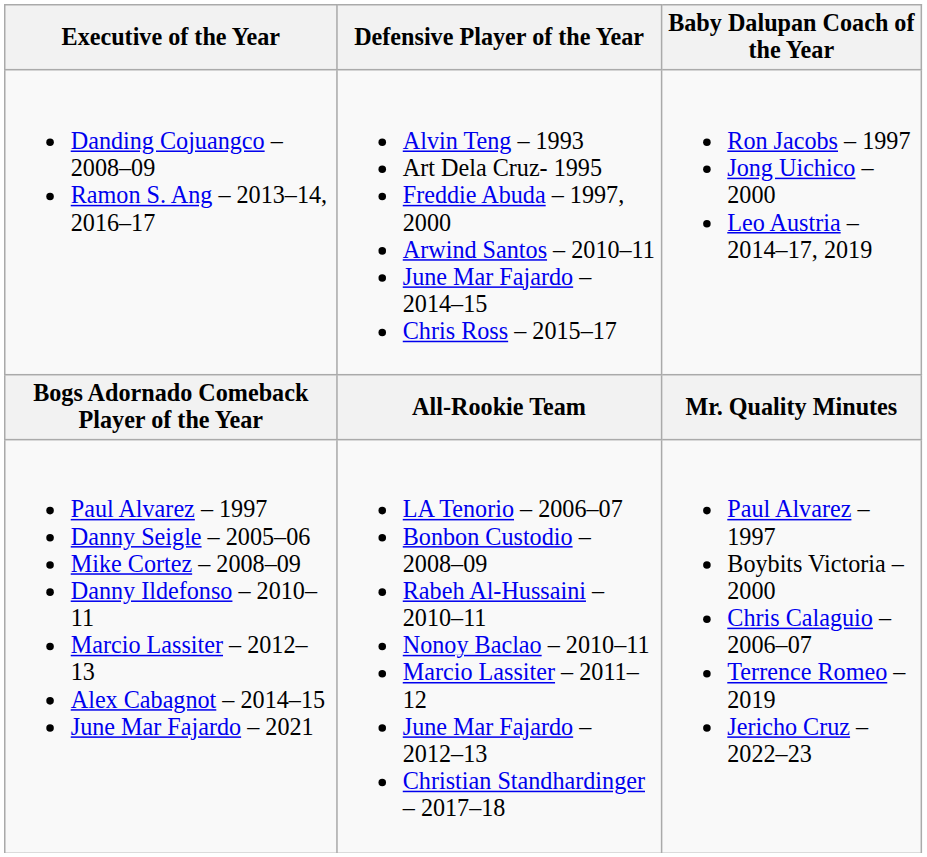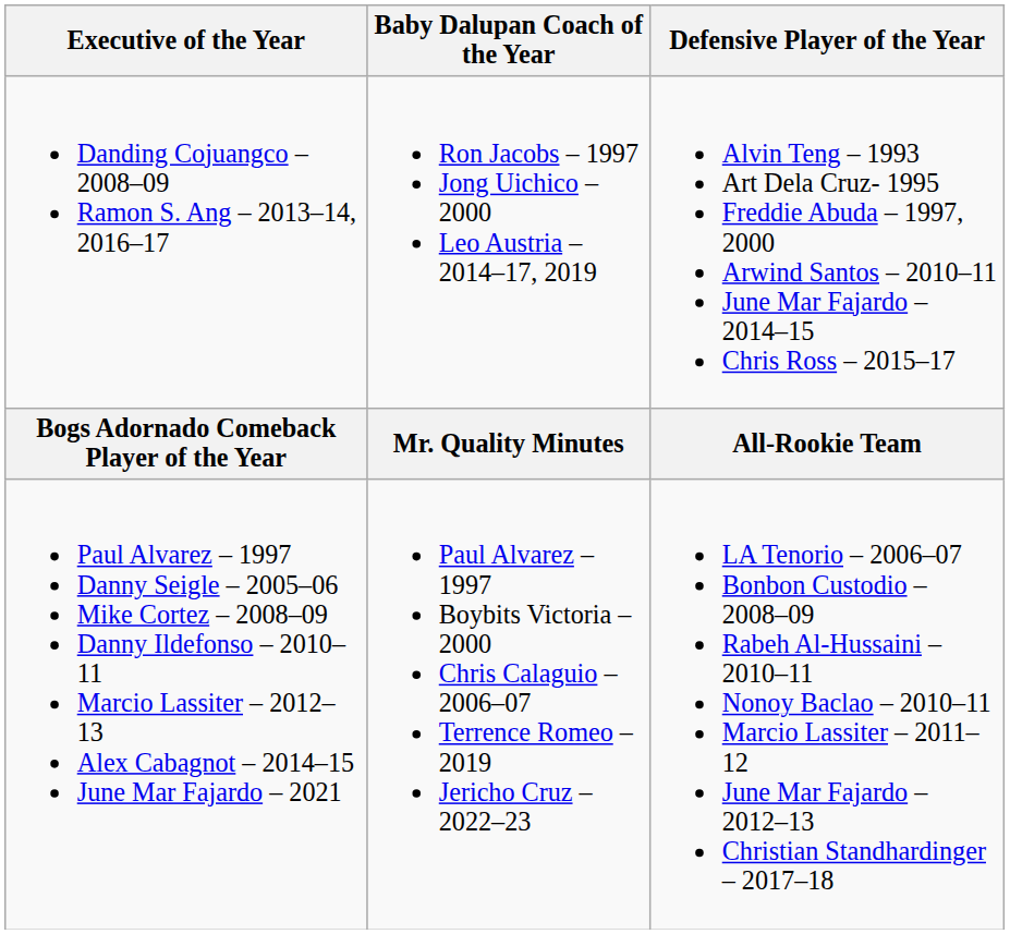 <table class=wikitable>
 <tr>
 <th>Executive of the Year</th>
+<th>Baby Dalupan Coach of the Year</th>
 <th>Defensive Player of the Year</th>
-<th>Baby Dalupan Coach of the Year</th>
 </tr>
 <tr>
 <td valign="top"><br><ul><li><a href='#'>Danding Cojuangco</a> – 2008–09</li><li><a href='#'>Ramon S. Ang</a> – 2013–14, 2016–17</li></ul></td>
+<td valign="top"><br><ul><li><a href='#'>Ron Jacobs</a> – 1997</li><li><a href='#'>Jong Uichico</a> – 2000</li><li><a href='#'>Leo Austria</a> – 2014–17, 2019</li></ul></td>
 <td valign="top"><br><ul><li><a href='#'>Alvin Teng</a> – 1993</li><li>Art Dela Cruz- 1995</li><li><a href='#'>Freddie Abuda</a> – 1997, 2000</li><li><a href='#'>Arwind Santos</a> – 2010–11</li><li><a href='#'>June Mar Fajardo</a> – 2014–15</li><li><a href='#'>Chris Ross</a> – 2015–17</li></ul></td>
-<td valign="top"><br><ul><li><a href='#'>Ron Jacobs</a> – 1997</li><li><a href='#'>Jong Uichico</a> – 2000</li><li><a href='#'>Leo Austria</a> – 2014–17, 2019</li></ul></td>
 </tr>
 <tr>
 <th>Bogs Adornado Comeback Player of the Year</th>
+<th>Mr. Quality Minutes</th>
 <th>All-Rookie Team</th>
-<th>Mr. Quality Minutes</th>
 </tr>
 <tr>
 <td valign="top"><br><ul><li><a href='#'>Paul Alvarez</a> – 1997</li><li><a href='#'>Danny Seigle</a> – 2005–06</li><li><a href='#'>Mike Cortez</a> – 2008–09</li><li><a href='#'>Danny Ildefonso</a> – 2010–11</li><li><a href='#'>Marcio Lassiter</a> – 2012–13</li><li><a href='#'>Alex Cabagnot</a> – 2014–15</li><li><a href='#'>June Mar Fajardo</a> – 2021</li></ul></td>
+<td valign="top"><br><ul><li><a href='#'>Paul Alvarez</a> – 1997</li><li>Boybits Victoria – 2000</li><li><a href='#'>Chris Calaguio</a> – 2006–07</li><li><a href='#'>Terrence Romeo</a> – 2019</li><li><a href='#'>Jericho Cruz</a> – 2022–23</li></ul></td>
 <td valign="top"><br><ul><li><a href='#'>LA Tenorio</a> – 2006–07</li><li><a href='#'>Bonbon Custodio</a> – 2008–09</li><li><a href='#'>Rabeh Al-Hussaini</a> – 2010–11</li><li><a href='#'>Nonoy Baclao</a> – 2010–11</li><li><a href='#'>Marcio Lassiter</a> – 2011–12</li><li><a href='#'>June Mar Fajardo</a> – 2012–13</li><li><a href='#'>Christian Standhardinger</a> – 2017–18</li></ul></td>
-<td valign="top"><br><ul><li><a href='#'>Paul Alvarez</a> – 1997</li><li>Boybits Victoria – 2000</li><li><a href='#'>Chris Calaguio</a> – 2006–07</li><li><a href='#'>Terrence Romeo</a> – 2019</li><li><a href='#'>Jericho Cruz</a> – 2022–23</li></ul></td>
 </tr>
 </table>
